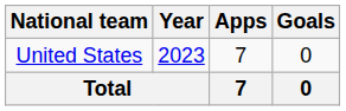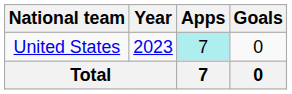 <table class="wikitable" style="text-align:center">
 <tr>
 <th>National team</th>
 <th>Year</th>
 <th>Apps</th>
 <th>Goals</th>
 </tr>
 <tr>
 <td><a href='#'>United States</a></td>
 <td><a href='#'>2023</a></td>
-<td>7</td>
+<td style="background: paleturquoise;">7</td>
 <td>0</td>
 </tr>
 <tr>
 <th colspan="2">Total</th>
 <th>7</th>
 <th>0</th>
 </tr>
 </table>
